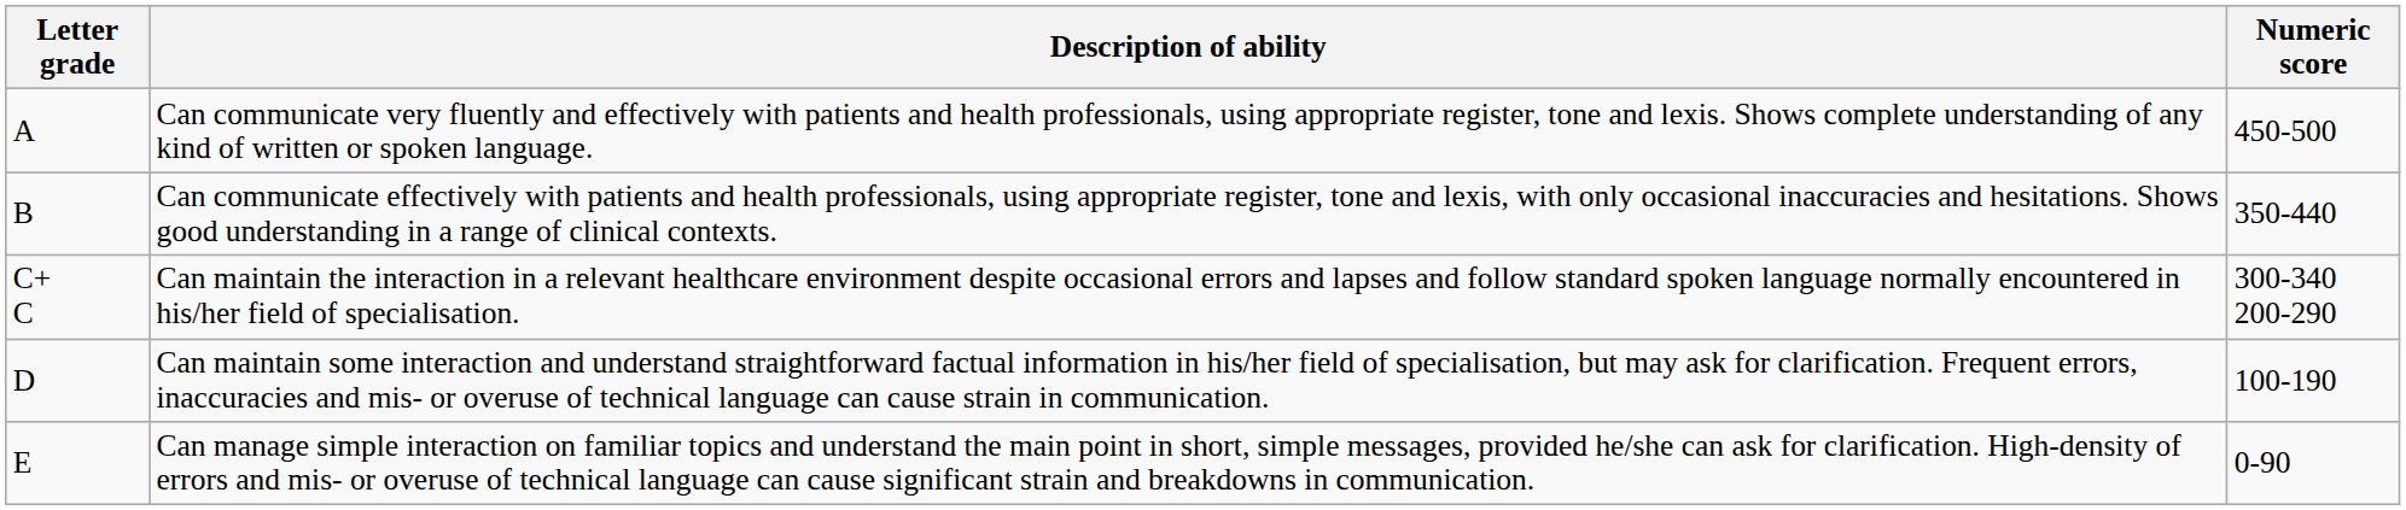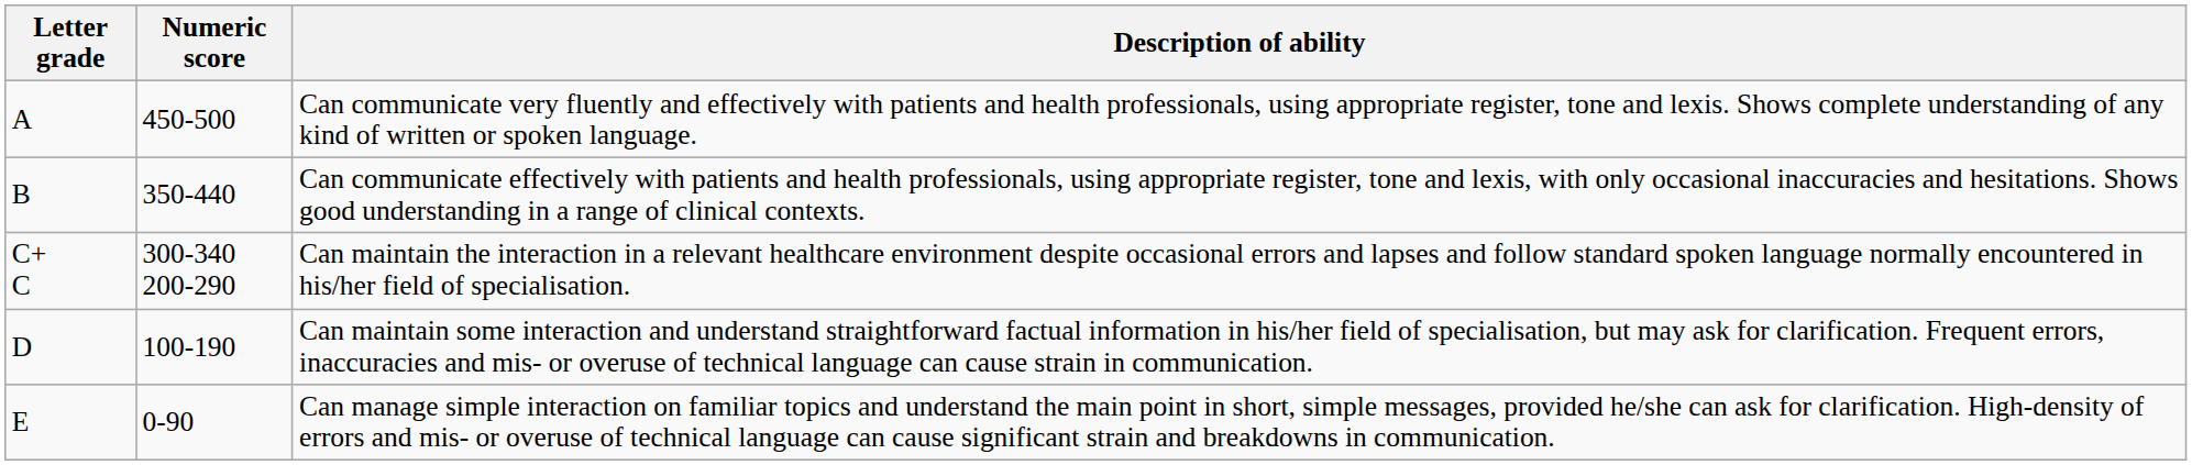 <table class="wikitable">
 <tr>
 <th>Letter grade</th>
+<th>Numeric score</th>
 <th>Description of ability</th>
-<th>Numeric score</th>
 </tr>
 <tr>
 <td>A</td>
+<td>450-500</td>
 <td>Can communicate very fluently and effectively with patients and health professionals, using appropriate register, tone and lexis. Shows complete understanding of any kind of written or spoken language.</td>
-<td>450-500</td>
 </tr>
 <tr>
 <td>B</td>
+<td>350-440</td>
 <td>Can communicate  effectively with patients and health professionals, using appropriate register, tone and lexis, with only occasional inaccuracies and hesitations. Shows good understanding in a range of clinical contexts.</td>
-<td>350-440</td>
 </tr>
 <tr>
 <td>C+<br>C</td>
+<td>300-340<br>200-290</td>
 <td>Can maintain the interaction in a relevant healthcare environment despite occasional errors and lapses and follow standard spoken language normally encountered in his/her field of specialisation.</td>
-<td>300-340<br>200-290</td>
 </tr>
 <tr>
 <td>D</td>
+<td>100-190</td>
 <td>Can maintain some interaction and understand straightforward factual information in his/her field of specialisation, but may ask for clarification. Frequent errors, inaccuracies and mis- or overuse of technical language can cause strain in communication.</td>
-<td>100-190</td>
 </tr>
 <tr>
 <td>E</td>
+<td>0-90</td>
 <td>Can manage simple interaction on familiar topics and understand the main point in short, simple messages, provided he/she can ask for clarification. High-density of errors and mis- or overuse of technical language can cause significant strain and breakdowns in communication.</td>
-<td>0-90</td>
 </tr>
 </table>
